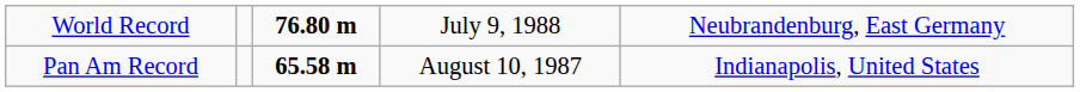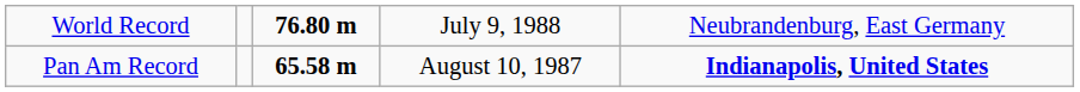 <table class="wikitable" style=" text-align:center; font-size:95%;" width="75%">
 <tr>
 <td><a href='#'>World Record</a></td>
 <td></td>
 <td><strong>76.80 m </strong></td>
 <td>July 9, 1988</td>
 <td> <a href='#'>Neubrandenburg</a>, <a href='#'>East Germany</a></td>
 </tr>
 <tr>
 <td><a href='#'>Pan Am Record</a></td>
 <td></td>
 <td><strong>65.58 m </strong></td>
 <td>August 10, 1987</td>
-<td> <a href='#'>Indianapolis</a>, <a href='#'>United States</a></td>
+<td><strong> <a href='#'>Indianapolis</a>, <a href='#'>United States</a></strong></td>
 </tr>
 </table>
